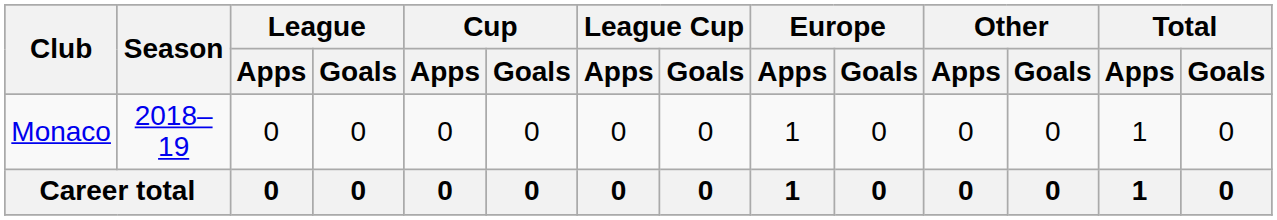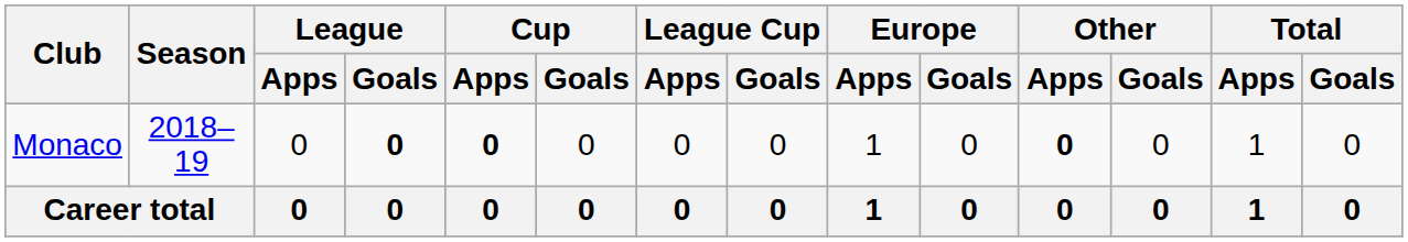 <table class="wikitable" style="text-align: center;">
 <tr>
 <th rowspan="2">Club</th>
 <th rowspan="2">Season</th>
 <th colspan="2">League</th>
 <th colspan="2">Cup</th>
 <th colspan="2">League Cup</th>
 <th colspan="2">Europe</th>
 <th colspan="2">Other</th>
 <th colspan="2">Total</th>
 </tr>
 <tr>
 <th>Apps</th>
 <th>Goals</th>
 <th>Apps</th>
 <th>Goals</th>
 <th>Apps</th>
 <th>Goals</th>
 <th>Apps</th>
 <th>Goals</th>
 <th>Apps</th>
 <th>Goals</th>
 <th>Apps</th>
 <th>Goals</th>
 </tr>
 <tr>
 <td rowspan="1"><a href='#'>Monaco</a></td>
 <td><a href='#'>2018–19</a></td>
 <td>0</td>
-<td>0</td>
-<td>0</td>
+<td><strong>0</strong></td>
+<td><strong>0</strong></td>
 <td>0</td>
 <td>0</td>
 <td>0</td>
 <td>1</td>
 <td>0</td>
-<td>0</td>
+<td><strong>0</strong></td>
 <td>0</td>
 <td>1</td>
 <td>0</td>
 </tr>
 <tr>
 <th colspan="2">Career total</th>
 <th>0</th>
 <th>0</th>
 <th>0</th>
 <th>0</th>
 <th>0</th>
 <th>0</th>
 <th>1</th>
 <th>0</th>
 <th>0</th>
 <th>0</th>
 <th>1</th>
 <th>0</th>
 </tr>
 </table>
